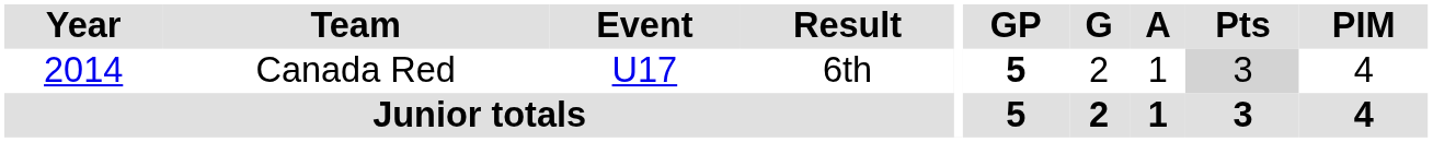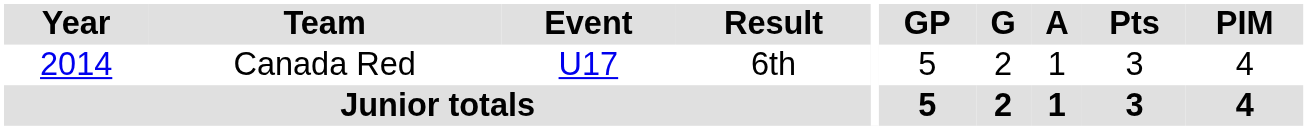 <table border="0" cellpadding="1" cellspacing="0" ID="Table3" style="text-align:center; width:40em">
 <tr ALIGN="center" bgcolor="#e0e0e0">
 <th>Year</th>
 <th>Team</th>
 <th>Event</th>
 <th>Result</th>
 <th rowspan="99" bgcolor="#ffffff"></th>
 <th>GP</th>
 <th>G</th>
 <th>A</th>
 <th>Pts</th>
 <th>PIM</th>
 </tr>
 <tr style="text-align:center;">
 <td><a href='#'>2014</a></td>
 <td>Canada Red</td>
 <td><a href='#'>U17</a></td>
 <td>6th</td>
-<td><strong>5</strong></td>
+<td>5</td>
 <td>2</td>
 <td>1</td>
-<td style="background: lightgrey;">3</td>
+<td>3</td>
 <td>4</td>
 </tr>
 <tr ALIGN="center" bgcolor="#e0e0e0">
 <th colspan=4>Junior totals</th>
 <th>5</th>
 <th>2</th>
 <th>1</th>
 <th>3</th>
 <th>4</th>
 </tr>
 </table>
